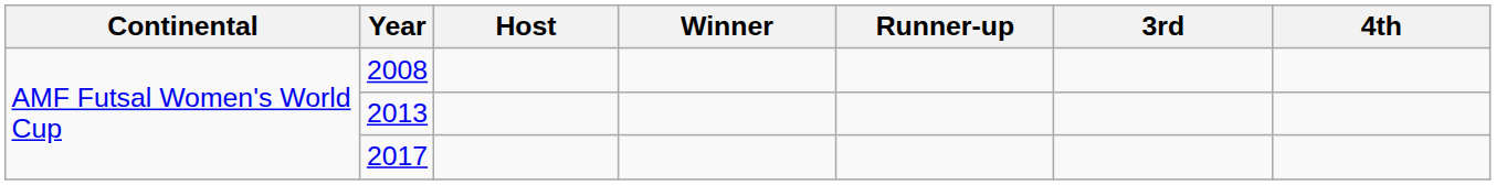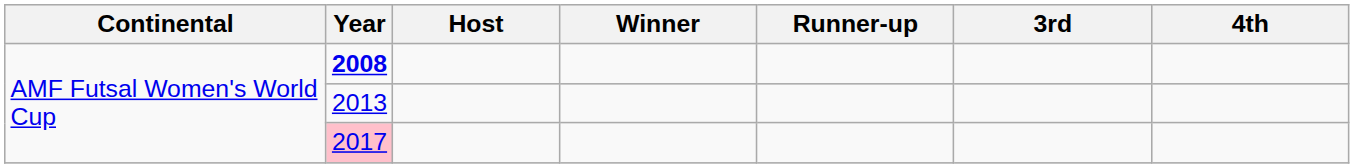 <table class="wikitable">
 <tr>
 <th width=200>Continental</th>
 <th>Year</th>
 <th width=100>Host</th>
 <th width=120>Winner </th>
 <th width=120>Runner-up </th>
 <th width=120>3rd </th>
 <th width=120>4th</th>
 </tr>
 <tr>
 <td rowspan=3><a href='#'>AMF Futsal Women's World Cup</a></td>
-<td><a href='#'>2008</a></td>
+<td><strong><a href='#'>2008</a></strong></td>
 <td></td>
 <td></td>
 <td></td>
 <td></td>
 <td></td>
 </tr>
 <tr>
 <td><a href='#'>2013</a></td>
 <td></td>
 <td></td>
 <td></td>
 <td></td>
 <td></td>
 </tr>
 <tr>
-<td><a href='#'>2017</a></td>
+<td style="background: pink;"><a href='#'>2017</a></td>
 <td></td>
 <td></td>
 <td></td>
 <td></td>
 <td></td>
 </tr>
 </table>
